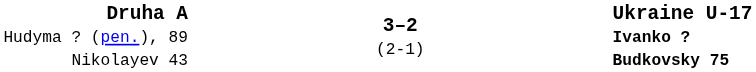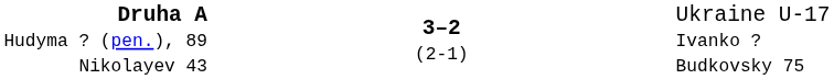 <table width=100% cellspacing=1>
 <tr>
 <th width=20%></th>
 <th width=20%></th>
 <th width=20%></th>
 <th></th>
 </tr>
 <tr style=font-size:90%>
 <td align=right><strong>Druha A</strong><br><small>Hudyma ? (<a href='#'>pen.</a>), 89</small><br><small>Nikolayev 43</small></td>
 <td align=center><strong>3–2</strong><br><small>(2-1)</small></td>
-<td><strong>Ukraine U-17<br><small>Ivanko ?</small><br><small>Budkovsky 75</small></strong></td>
+<td>Ukraine U-17<br><small>Ivanko ?</small><br><small>Budkovsky 75</small></td>
 <td></td>
 </tr>
 </table>
